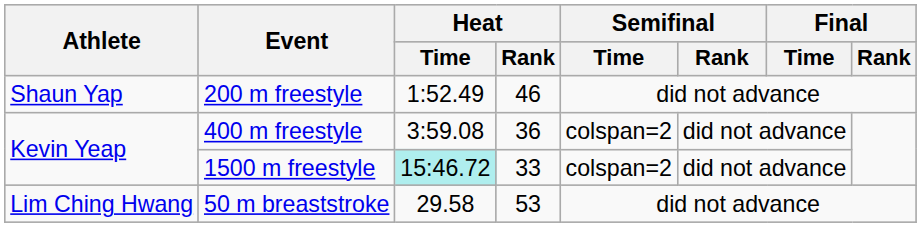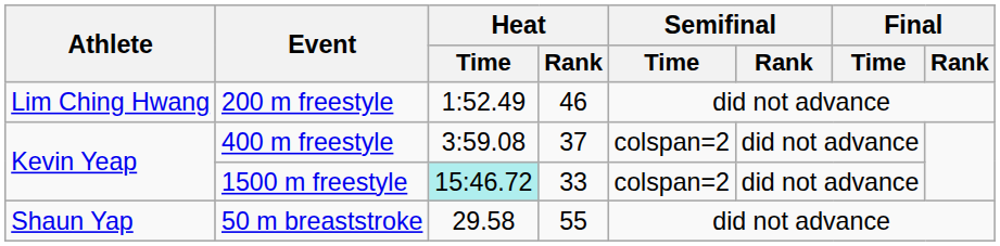 <table class=wikitable style="font-size:90%">
 <tr>
 <th rowspan="2">Athlete</th>
 <th rowspan="2">Event</th>
 <th colspan="2">Heat</th>
 <th colspan="2">Semifinal</th>
 <th colspan="2">Final</th>
 </tr>
 <tr style="font-size:95%">
 <th>Time</th>
 <th>Rank</th>
 <th>Time</th>
 <th>Rank</th>
 <th>Time</th>
 <th>Rank</th>
 </tr>
 <tr align=center>
-<td align=left><a href='#'>Shaun Yap</a></td>
+<td align=left><a href='#'>Lim Ching Hwang</a></td>
 <td align=left><a href='#'>200 m freestyle</a></td>
 <td>1:52.49</td>
 <td>46</td>
 <td colspan=4>did not advance</td>
 </tr>
 <tr align=center>
 <td align=left rowspan=2><a href='#'>Kevin Yeap</a></td>
 <td align=left><a href='#'>400 m freestyle</a></td>
 <td>3:59.08</td>
-<td>36</td>
+<td>37</td>
 <td>colspan=2 </td>
 <td colspan=2>did not advance</td>
 </tr>
 <tr align=center>
 <td align=left><a href='#'>1500 m freestyle</a></td>
 <td style="background: paleturquoise;">15:46.72</td>
 <td>33</td>
 <td>colspan=2 </td>
 <td colspan=2>did not advance</td>
 </tr>
 <tr align=center>
-<td align=left><a href='#'>Lim Ching Hwang</a></td>
+<td align=left><a href='#'>Shaun Yap</a></td>
 <td align=left><a href='#'>50 m breaststroke</a></td>
 <td>29.58</td>
-<td>53</td>
+<td>55</td>
 <td colspan=4>did not advance</td>
 </tr>
 </table>
